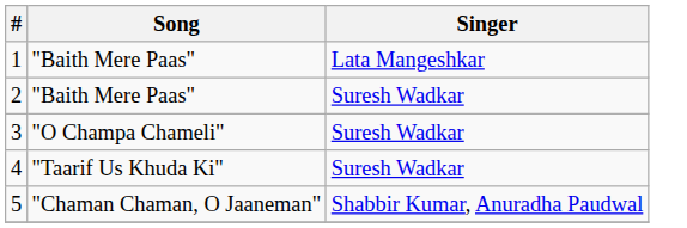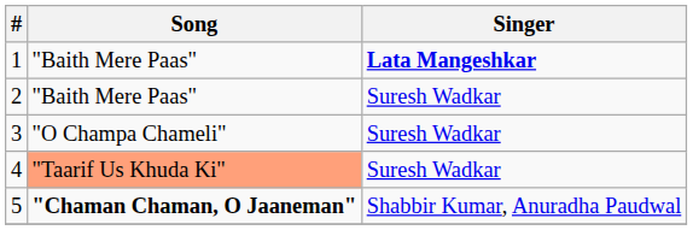 <table class="wikitable" style="font-size:95%;">
 <tr>
 <th>#</th>
 <th>Song</th>
 <th>Singer</th>
 </tr>
 <tr>
 <td>1</td>
 <td>"Baith Mere Paas"</td>
-<td><a href='#'>Lata Mangeshkar</a></td>
+<td><strong><a href='#'>Lata Mangeshkar</a></strong></td>
 </tr>
 <tr>
 <td>2</td>
 <td>"Baith Mere Paas"</td>
 <td><a href='#'>Suresh Wadkar</a></td>
 </tr>
 <tr>
 <td>3</td>
 <td>"O Champa Chameli"</td>
 <td><a href='#'>Suresh Wadkar</a></td>
 </tr>
 <tr>
 <td>4</td>
-<td>"Taarif Us Khuda Ki"</td>
+<td style="background: lightsalmon;">"Taarif Us Khuda Ki"</td>
 <td><a href='#'>Suresh Wadkar</a></td>
 </tr>
 <tr>
 <td>5</td>
-<td>"Chaman Chaman, O Jaaneman"</td>
+<td><strong>"Chaman Chaman, O Jaaneman"</strong></td>
 <td><a href='#'>Shabbir Kumar</a>, <a href='#'>Anuradha Paudwal</a></td>
 </tr>
 <tr>
 </tr>
 </table>
